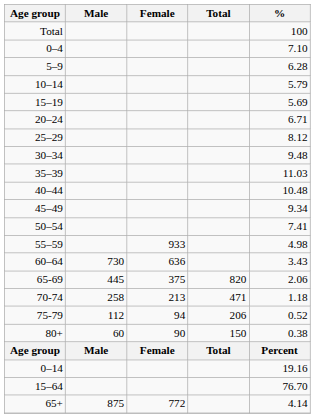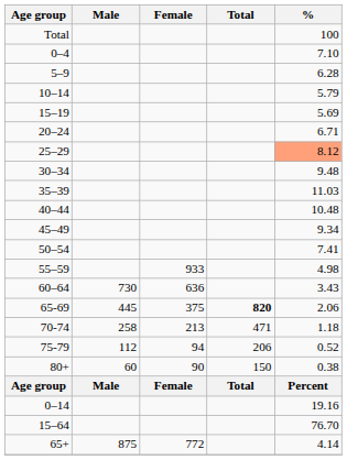 <table class="wikitable">
 <tr>
 <th width="80pt">Age group</th>
 <th width="80pt">Male</th>
 <th width="80pt">Female</th>
 <th width="80pt">Total</th>
 <th width="80pt">%</th>
 </tr>
 <tr>
 <td align="right">Total</td>
 <td align="right"></td>
 <td align="right"></td>
 <td align="right"></td>
 <td align="right">100</td>
 </tr>
 <tr>
 <td align="right">0–4</td>
 <td align="right"></td>
 <td align="right"></td>
 <td align="right"></td>
 <td align="right">7.10</td>
 </tr>
 <tr>
 <td align="right">5–9</td>
 <td align="right"></td>
 <td align="right"></td>
 <td align="right"></td>
 <td align="right">6.28</td>
 </tr>
 <tr>
 <td align="right">10–14</td>
 <td align="right"></td>
 <td align="right"></td>
 <td align="right"></td>
 <td align="right">5.79</td>
 </tr>
 <tr>
 <td align="right">15–19</td>
 <td align="right"></td>
 <td align="right"></td>
 <td align="right"></td>
 <td align="right">5.69</td>
 </tr>
 <tr>
 <td align="right">20–24</td>
 <td align="right"></td>
 <td align="right"></td>
 <td align="right"></td>
 <td align="right">6.71</td>
 </tr>
 <tr>
 <td align="right">25–29</td>
 <td align="right"></td>
 <td align="right"></td>
 <td align="right"></td>
-<td align="right">8.12</td>
+<td align="right" style="background: lightsalmon;">8.12</td>
 </tr>
 <tr>
 <td align="right">30–34</td>
 <td align="right"></td>
 <td align="right"></td>
 <td align="right"></td>
 <td align="right">9.48</td>
 </tr>
 <tr>
 <td align="right">35–39</td>
 <td align="right"></td>
 <td align="right"></td>
 <td align="right"></td>
 <td align="right">11.03</td>
 </tr>
 <tr>
 <td align="right">40–44</td>
 <td align="right"></td>
 <td align="right"></td>
 <td align="right"></td>
 <td align="right">10.48</td>
 </tr>
 <tr>
 <td align="right">45–49</td>
 <td align="right"></td>
 <td align="right"></td>
 <td align="right"></td>
 <td align="right">9.34</td>
 </tr>
 <tr>
 <td align="right">50–54</td>
 <td align="right"></td>
 <td align="right"></td>
 <td align="right"></td>
 <td align="right">7.41</td>
 </tr>
 <tr>
 <td align="right">55–59</td>
 <td align="right"></td>
 <td align="right">933</td>
 <td align="right"></td>
 <td align="right">4.98</td>
 </tr>
 <tr>
 <td align="right">60–64</td>
 <td align="right">730</td>
 <td align="right">636</td>
 <td align="right"></td>
 <td align="right">3.43</td>
 </tr>
 <tr>
 <td align="right">65-69</td>
 <td align="right">445</td>
 <td align="right">375</td>
-<td align="right">820</td>
+<td align="right"><strong>820</strong></td>
 <td align="right">2.06</td>
 </tr>
 <tr>
 <td align="right">70-74</td>
 <td align="right">258</td>
 <td align="right">213</td>
 <td align="right">471</td>
 <td align="right">1.18</td>
 </tr>
 <tr>
 <td align="right">75-79</td>
 <td align="right">112</td>
 <td align="right">94</td>
 <td align="right">206</td>
 <td align="right">0.52</td>
 </tr>
 <tr>
 <td align="right">80+</td>
 <td align="right">60</td>
 <td align="right">90</td>
 <td align="right">150</td>
 <td align="right">0.38</td>
 </tr>
 <tr>
 <th width="50">Age group</th>
 <th width="80pt">Male</th>
 <th width="80">Female</th>
 <th width="80">Total</th>
 <th width="50">Percent</th>
 </tr>
 <tr>
 <td align="right">0–14</td>
 <td align="right"></td>
 <td align="right"></td>
 <td align="right"></td>
 <td align="right">19.16</td>
 </tr>
 <tr>
 <td align="right">15–64</td>
 <td align="right"></td>
 <td align="right"></td>
 <td align="right"></td>
 <td align="right">76.70</td>
 </tr>
 <tr>
 <td align="right">65+</td>
 <td align="right">875</td>
 <td align="right">772</td>
 <td align="right"></td>
 <td align="right">4.14</td>
 </tr>
 <tr>
 </tr>
 </table>
